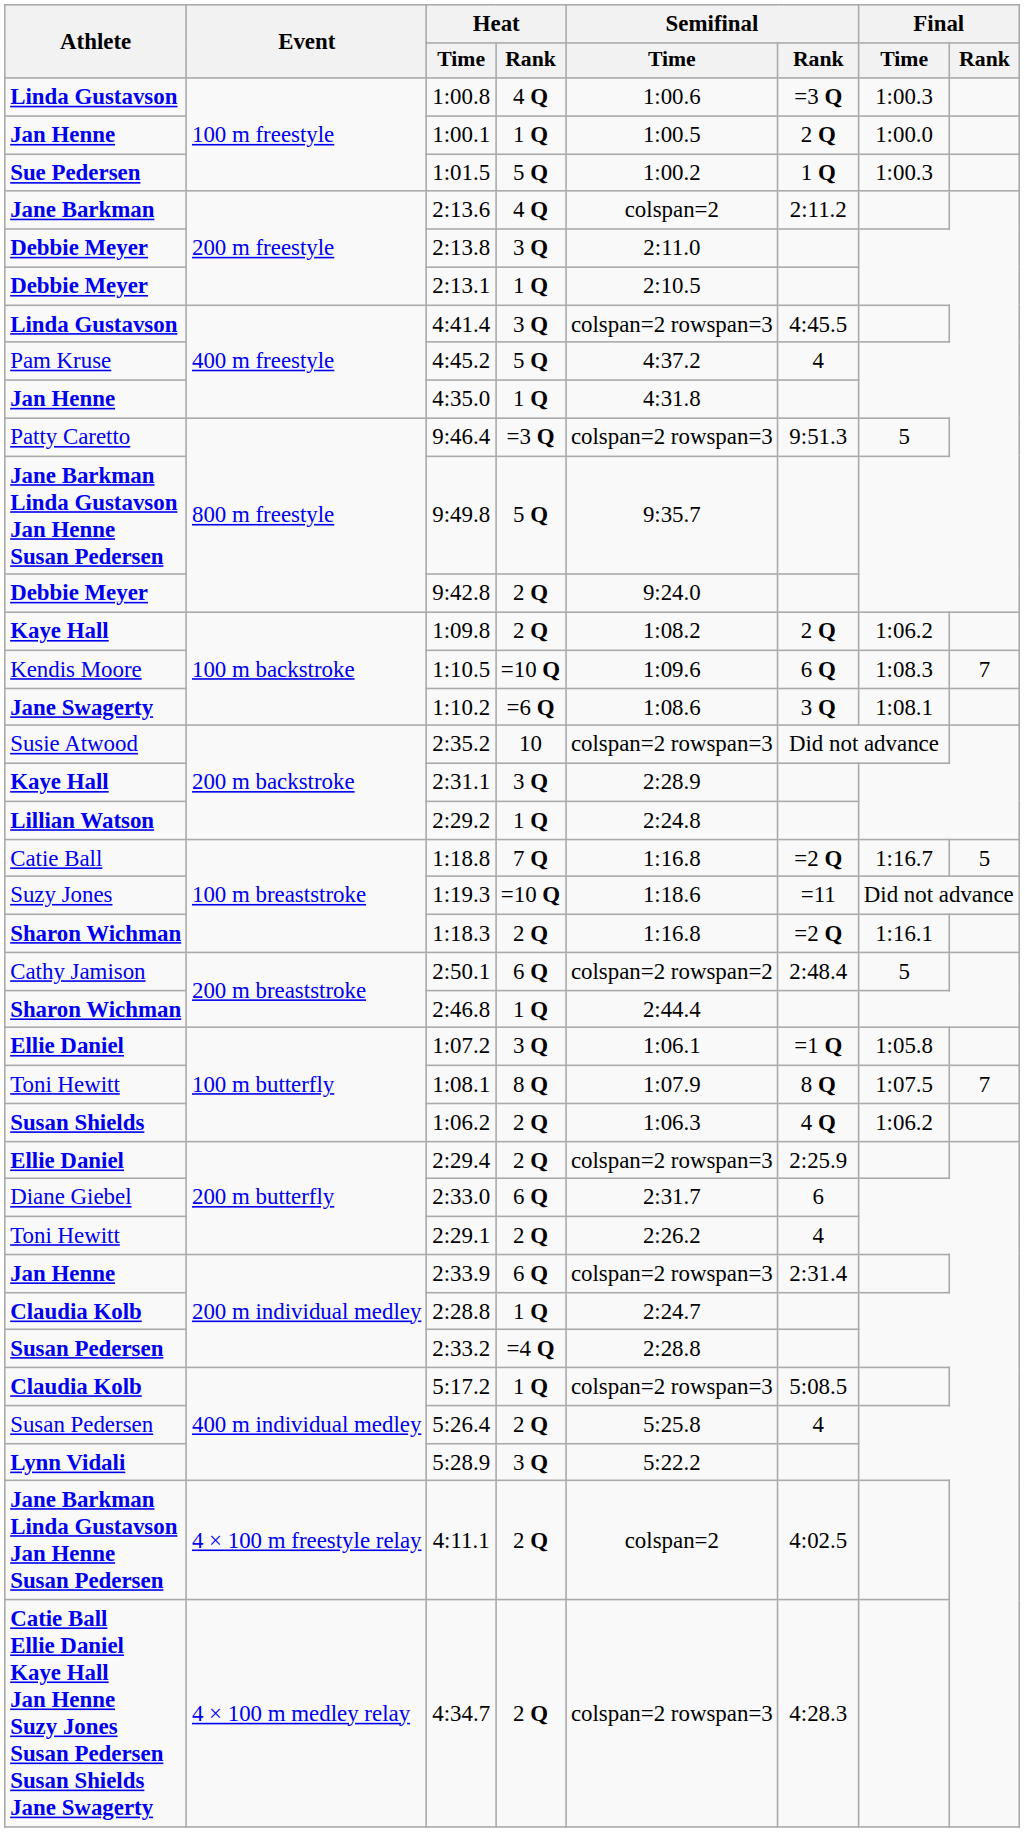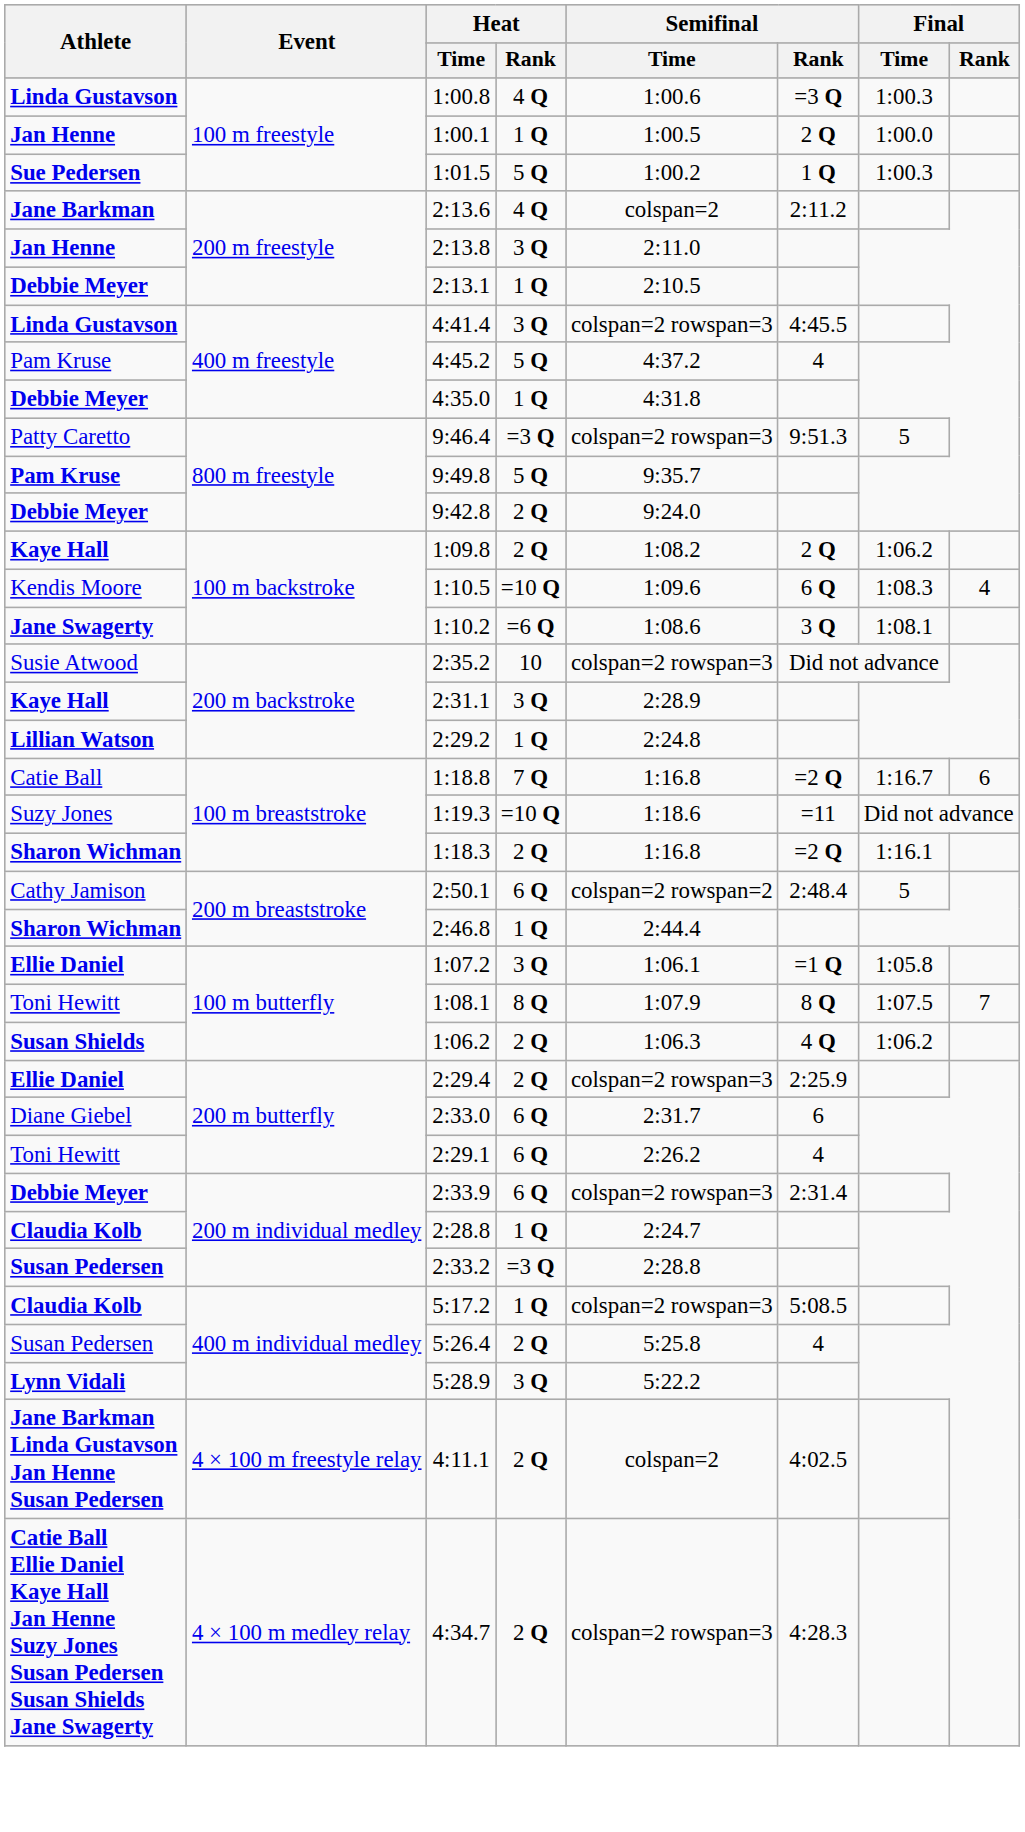 <table class=wikitable style=font-size:90%;text-align:center>
 <tr>
 <th rowspan=2>Athlete</th>
 <th rowspan=2>Event</th>
 <th colspan=2>Heat</th>
 <th colspan=2>Semifinal</th>
 <th colspan=2>Final</th>
 </tr>
 <tr style=font-size:95%>
 <th>Time</th>
 <th>Rank</th>
 <th>Time</th>
 <th>Rank</th>
 <th>Time</th>
 <th>Rank</th>
 </tr>
 <tr>
 <td align=left><strong><a href='#'>Linda Gustavson</a></strong></td>
 <td align=left rowspan=3><a href='#'>100 m freestyle</a></td>
 <td>1:00.8</td>
 <td>4 <strong>Q</strong></td>
 <td>1:00.6</td>
 <td>=3 <strong>Q</strong></td>
 <td>1:00.3</td>
 <td></td>
 </tr>
 <tr>
 <td align=left><strong><a href='#'>Jan Henne</a></strong></td>
 <td>1:00.1</td>
 <td>1 <strong>Q</strong></td>
 <td>1:00.5</td>
 <td>2 <strong>Q</strong></td>
 <td>1:00.0</td>
 <td></td>
 </tr>
 <tr>
 <td align=left><strong><a href='#'>Sue Pedersen</a></strong></td>
 <td>1:01.5</td>
 <td>5 <strong>Q</strong></td>
 <td>1:00.2</td>
 <td>1 <strong>Q</strong></td>
 <td>1:00.3</td>
 <td></td>
 </tr>
 <tr>
 <td align=left><strong><a href='#'>Jane Barkman</a></strong></td>
 <td align=left rowspan=3><a href='#'>200 m freestyle</a></td>
 <td>2:13.6</td>
 <td>4 <strong>Q</strong></td>
 <td>colspan=2 </td>
 <td>2:11.2</td>
 <td></td>
 </tr>
 <tr>
-<td align=left><strong><a href='#'>Debbie Meyer</a></strong></td>
+<td align=left><strong><a href='#'>Jan Henne</a></strong></td>
 <td>2:13.8</td>
 <td>3 <strong>Q</strong></td>
 <td>2:11.0</td>
 <td></td>
 </tr>
 <tr>
 <td align=left><strong><a href='#'>Debbie Meyer</a></strong></td>
 <td>2:13.1 </td>
 <td>1 <strong>Q</strong></td>
 <td>2:10.5 </td>
 <td></td>
 </tr>
 <tr>
 <td align=left><strong><a href='#'>Linda Gustavson</a></strong></td>
 <td align=left rowspan=3><a href='#'>400 m freestyle</a></td>
 <td>4:41.4</td>
 <td>3 <strong>Q</strong></td>
 <td>colspan=2 rowspan=3 </td>
 <td>4:45.5</td>
 <td></td>
 </tr>
 <tr>
 <td align=left><a href='#'>Pam Kruse</a></td>
 <td>4:45.2</td>
 <td>5 <strong>Q</strong></td>
 <td>4:37.2</td>
 <td>4</td>
 </tr>
 <tr>
-<td align=left><strong><a href='#'>Jan Henne</a></strong></td>
+<td align=left><strong><a href='#'>Debbie Meyer</a></strong></td>
 <td>4:35.0 </td>
 <td>1 <strong>Q</strong></td>
 <td>4:31.8 </td>
 <td></td>
 </tr>
 <tr>
 <td align=left><a href='#'>Patty Caretto</a></td>
 <td align=left rowspan=3><a href='#'>800 m freestyle</a></td>
 <td>9:46.4</td>
 <td>=3 <strong>Q</strong></td>
 <td>colspan=2 rowspan=3 </td>
 <td>9:51.3</td>
 <td>5</td>
 </tr>
 <tr>
-<td align=left><strong><a href='#'>Jane Barkman</a><br><a href='#'>Linda Gustavson</a><br><a href='#'>Jan Henne</a><br><a href='#'>Susan Pedersen</a></strong></td>
+<td align=left><strong><a href='#'>Pam Kruse</a></strong></td>
 <td>9:49.8</td>
 <td>5 <strong>Q</strong></td>
 <td>9:35.7</td>
 <td></td>
 </tr>
 <tr>
 <td align=left><strong><a href='#'>Debbie Meyer</a></strong></td>
 <td>9:42.8 </td>
 <td>2 <strong>Q</strong></td>
 <td>9:24.0 </td>
 <td></td>
 </tr>
 <tr>
 <td align=left><strong><a href='#'>Kaye Hall</a></strong></td>
 <td align=left rowspan=3><a href='#'>100 m backstroke</a></td>
 <td>1:09.8</td>
 <td>2 <strong>Q</strong></td>
 <td>1:08.2</td>
 <td>2 <strong>Q</strong></td>
 <td>1:06.2 </td>
 <td></td>
 </tr>
 <tr>
 <td align=left><a href='#'>Kendis Moore</a></td>
 <td>1:10.5</td>
 <td>=10 <strong>Q</strong></td>
 <td>1:09.6</td>
 <td>6 <strong>Q</strong></td>
 <td>1:08.3</td>
-<td>7</td>
+<td>4</td>
 </tr>
 <tr>
 <td align=left><strong><a href='#'>Jane Swagerty</a></strong></td>
 <td>1:10.2</td>
 <td>=6 <strong>Q</strong></td>
 <td>1:08.6</td>
 <td>3 <strong>Q</strong></td>
 <td>1:08.1</td>
 <td></td>
 </tr>
 <tr>
 <td align=left><a href='#'>Susie Atwood</a></td>
 <td align=left rowspan=3><a href='#'>200 m backstroke</a></td>
 <td>2:35.2</td>
 <td>10</td>
 <td>colspan=2 rowspan=3 </td>
 <td colspan=2>Did not advance</td>
 </tr>
 <tr>
 <td align=left><strong><a href='#'>Kaye Hall</a></strong></td>
 <td>2:31.1 </td>
 <td>3 <strong>Q</strong></td>
 <td>2:28.9</td>
 <td></td>
 </tr>
 <tr>
 <td align=left><strong><a href='#'>Lillian Watson</a></strong></td>
 <td>2:29.2 </td>
 <td>1 <strong>Q</strong></td>
 <td>2:24.8 </td>
 <td></td>
 </tr>
 <tr>
 <td align=left><a href='#'>Catie Ball</a></td>
 <td align=left rowspan=3><a href='#'>100 m breaststroke</a></td>
 <td>1:18.8 </td>
 <td>7 <strong>Q</strong></td>
 <td>1:16.8</td>
 <td>=2 <strong>Q</strong></td>
 <td>1:16.7</td>
-<td>5</td>
+<td>6</td>
 </tr>
 <tr>
 <td align=left><a href='#'>Suzy Jones</a></td>
 <td>1:19.3</td>
 <td>=10 <strong>Q</strong></td>
 <td>1:18.6</td>
 <td>=11</td>
 <td colspan=2>Did not advance</td>
 </tr>
 <tr>
 <td align=left><strong><a href='#'>Sharon Wichman</a></strong></td>
 <td>1:18.3</td>
 <td>2 <strong>Q</strong></td>
 <td>1:16.8</td>
 <td>=2 <strong>Q</strong></td>
 <td>1:16.1</td>
 <td></td>
 </tr>
 <tr>
 <td align=left><a href='#'>Cathy Jamison</a></td>
 <td align=left rowspan=2><a href='#'>200 m breaststroke</a></td>
 <td>2:50.1</td>
 <td>6 <strong>Q</strong></td>
 <td>colspan=2 rowspan=2 </td>
 <td>2:48.4</td>
 <td>5</td>
 </tr>
 <tr>
 <td align=left><strong><a href='#'>Sharon Wichman</a></strong></td>
 <td>2:46.8</td>
 <td>1 <strong>Q</strong></td>
 <td>2:44.4 </td>
 <td></td>
 </tr>
 <tr>
 <td align=left><strong><a href='#'>Ellie Daniel</a></strong></td>
 <td align=left rowspan=3><a href='#'>100 m butterfly</a></td>
 <td>1:07.2</td>
 <td>3 <strong>Q</strong></td>
 <td>1:06.1</td>
 <td>=1 <strong>Q</strong></td>
 <td>1:05.8</td>
 <td></td>
 </tr>
 <tr>
 <td align=left><a href='#'>Toni Hewitt</a></td>
 <td>1:08.1</td>
 <td>8 <strong>Q</strong></td>
 <td>1:07.9</td>
 <td>8 <strong>Q</strong></td>
 <td>1:07.5</td>
 <td>7</td>
 </tr>
 <tr>
 <td align=left><strong><a href='#'>Susan Shields</a></strong></td>
 <td>1:06.2</td>
 <td>2 <strong>Q</strong></td>
 <td>1:06.3</td>
 <td>4 <strong>Q</strong></td>
 <td>1:06.2</td>
 <td></td>
 </tr>
 <tr>
 <td align=left><strong><a href='#'>Ellie Daniel</a></strong></td>
 <td align=left rowspan=3><a href='#'>200 m butterfly</a></td>
 <td>2:29.4</td>
 <td>2 <strong>Q</strong></td>
 <td>colspan=2 rowspan=3 </td>
 <td>2:25.9</td>
 <td></td>
 </tr>
 <tr>
 <td align=left><a href='#'>Diane Giebel</a></td>
 <td>2:33.0</td>
 <td>6 <strong>Q</strong></td>
 <td>2:31.7</td>
 <td>6</td>
 </tr>
 <tr>
 <td align=left><a href='#'>Toni Hewitt</a></td>
 <td>2:29.1</td>
-<td>2 <strong>Q</strong></td>
+<td>6 <strong>Q</strong></td>
 <td>2:26.2</td>
 <td>4</td>
 </tr>
 <tr>
-<td align=left><strong><a href='#'>Jan Henne</a></strong></td>
+<td align=left><strong><a href='#'>Debbie Meyer</a></strong></td>
 <td align=left rowspan=3><a href='#'>200 m individual medley</a></td>
 <td>2:33.9</td>
 <td>6 <strong>Q</strong></td>
 <td>colspan=2 rowspan=3 </td>
 <td>2:31.4</td>
 <td></td>
 </tr>
 <tr>
 <td align=left><strong><a href='#'>Claudia Kolb</a></strong></td>
 <td>2:28.8 </td>
 <td>1 <strong>Q</strong></td>
 <td>2:24.7 </td>
 <td></td>
 </tr>
 <tr>
 <td align=left><strong><a href='#'>Susan Pedersen</a></strong></td>
 <td>2:33.2</td>
-<td>=4 <strong>Q</strong></td>
+<td>=3 <strong>Q</strong></td>
 <td>2:28.8</td>
 <td></td>
 </tr>
 <tr>
 <td align=left><strong><a href='#'>Claudia Kolb</a></strong></td>
 <td align=left rowspan=3><a href='#'>400 m individual medley</a></td>
 <td>5:17.2 </td>
 <td>1 <strong>Q</strong></td>
 <td>colspan=2 rowspan=3 </td>
 <td>5:08.5 </td>
 <td></td>
 </tr>
 <tr>
 <td align=left><a href='#'>Susan Pedersen</a></td>
 <td>5:26.4</td>
 <td>2 <strong>Q</strong></td>
 <td>5:25.8</td>
 <td>4</td>
 </tr>
 <tr>
 <td align=left><strong><a href='#'>Lynn Vidali</a></strong></td>
 <td>5:28.9</td>
 <td>3 <strong>Q</strong></td>
 <td>5:22.2</td>
 <td></td>
 </tr>
 <tr>
 <td align=left><strong><a href='#'>Jane Barkman</a><br><a href='#'>Linda Gustavson</a><br><a href='#'>Jan Henne</a><br><a href='#'>Susan Pedersen</a></strong></td>
 <td align=left><a href='#'>4 × 100 m freestyle relay</a></td>
 <td>4:11.1</td>
 <td>2 <strong>Q</strong></td>
 <td>colspan=2 </td>
 <td>4:02.5 </td>
 <td></td>
 </tr>
 <tr>
 <td align=left><strong><a href='#'>Catie Ball</a><br><a href='#'>Ellie Daniel</a><br><a href='#'>Kaye Hall</a><br><a href='#'>Jan Henne</a><br><a href='#'>Suzy Jones</a><br><a href='#'>Susan Pedersen</a><br><a href='#'>Susan Shields</a><br><a href='#'>Jane Swagerty</a></strong></td>
 <td align=left><a href='#'>4 × 100 m medley relay</a></td>
 <td>4:34.7</td>
 <td>2 <strong>Q</strong></td>
 <td>colspan=2 rowspan=3 </td>
 <td>4:28.3 </td>
 <td></td>
 </tr>
 </table>
